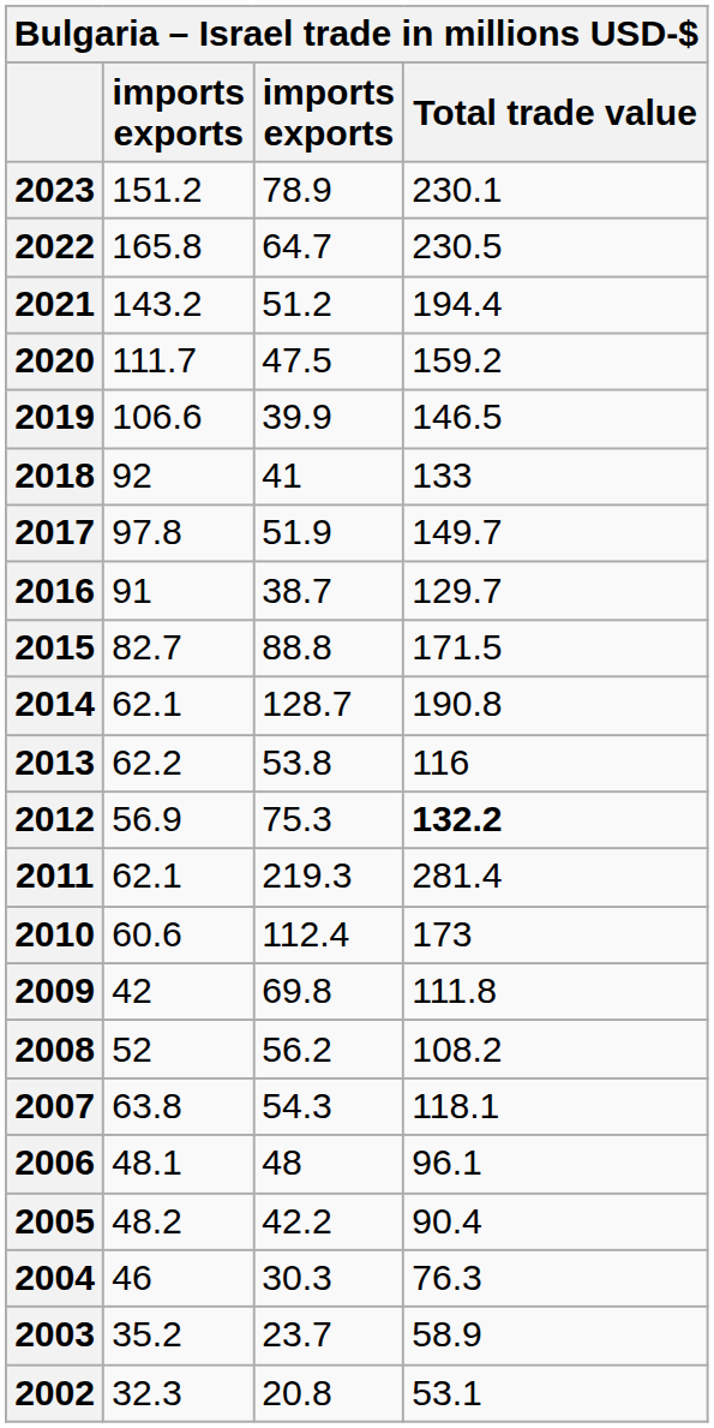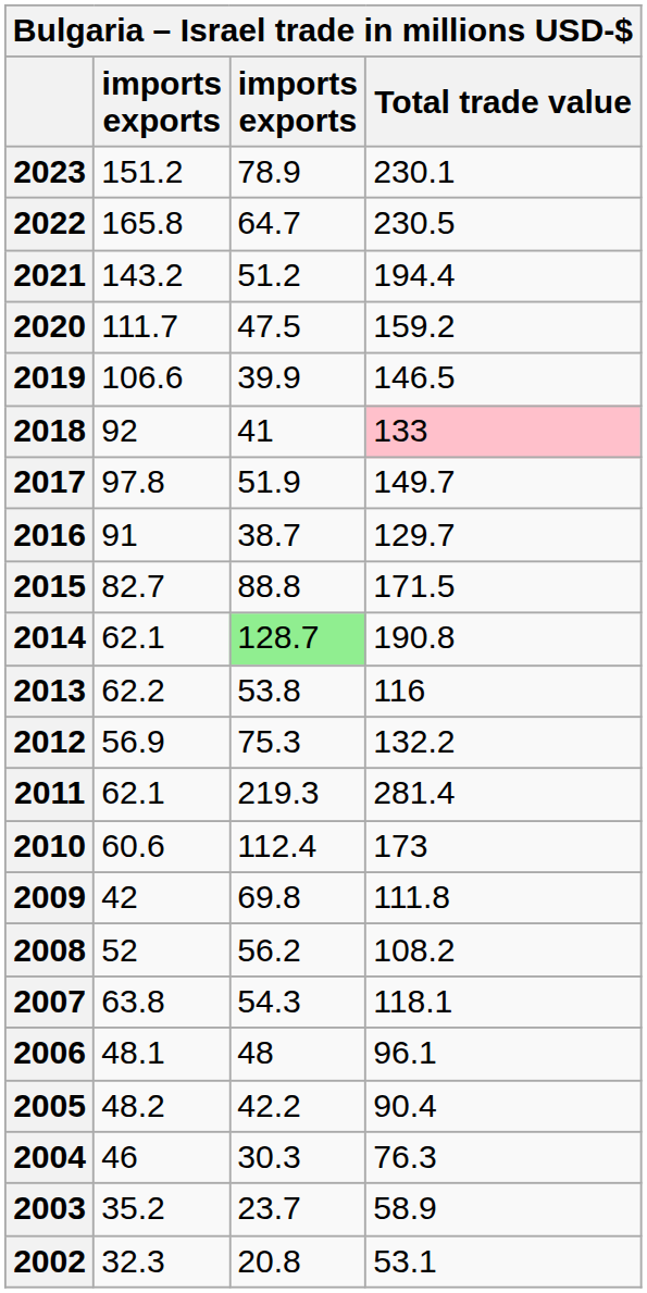 <table class="wikitable">
 <tr>
 <th colspan="4">Bulgaria – Israel trade in millions USD-$</th>
 </tr>
 <tr>
 <th></th>
 <th> imports<br> exports</th>
 <th> imports<br> exports</th>
 <th>Total trade value</th>
 </tr>
 <tr>
 <th>2023</th>
 <td>151.2</td>
 <td>78.9</td>
 <td>230.1</td>
 </tr>
 <tr>
 <th>2022</th>
 <td>165.8</td>
 <td>64.7</td>
 <td>230.5</td>
 </tr>
 <tr>
 <th>2021</th>
 <td>143.2</td>
 <td>51.2</td>
 <td>194.4</td>
 </tr>
 <tr>
 <th>2020</th>
 <td>111.7</td>
 <td>47.5</td>
 <td>159.2</td>
 </tr>
 <tr>
 <th>2019</th>
 <td>106.6</td>
 <td>39.9</td>
 <td>146.5</td>
 </tr>
 <tr>
 <th>2018</th>
 <td>92</td>
 <td>41</td>
-<td>133</td>
+<td style="background: pink;">133</td>
 </tr>
 <tr>
 <th>2017</th>
 <td>97.8</td>
 <td>51.9</td>
 <td>149.7</td>
 </tr>
 <tr>
 <th>2016</th>
 <td>91</td>
 <td>38.7</td>
 <td>129.7</td>
 </tr>
 <tr>
 <th>2015</th>
 <td>82.7</td>
 <td>88.8</td>
 <td>171.5</td>
 </tr>
 <tr>
 <th>2014</th>
 <td>62.1</td>
-<td>128.7</td>
+<td style="background: lightgreen;">128.7</td>
 <td>190.8</td>
 </tr>
 <tr>
 <th>2013</th>
 <td>62.2</td>
 <td>53.8</td>
 <td>116</td>
 </tr>
 <tr>
 <th>2012</th>
 <td>56.9</td>
 <td>75.3</td>
-<td><strong>132.2</strong></td>
+<td>132.2</td>
 </tr>
 <tr>
 <th>2011</th>
 <td>62.1</td>
 <td>219.3</td>
 <td>281.4</td>
 </tr>
 <tr>
 <th>2010</th>
 <td>60.6</td>
 <td>112.4</td>
 <td>173</td>
 </tr>
 <tr>
 <th>2009</th>
 <td>42</td>
 <td>69.8</td>
 <td>111.8</td>
 </tr>
 <tr>
 <th>2008</th>
 <td>52</td>
 <td>56.2</td>
 <td>108.2</td>
 </tr>
 <tr>
 <th>2007</th>
 <td>63.8</td>
 <td>54.3</td>
 <td>118.1</td>
 </tr>
 <tr>
 <th>2006</th>
 <td>48.1</td>
 <td>48</td>
 <td>96.1</td>
 </tr>
 <tr>
 <th>2005</th>
 <td>48.2</td>
 <td>42.2</td>
 <td>90.4</td>
 </tr>
 <tr>
 <th>2004</th>
 <td>46</td>
 <td>30.3</td>
 <td>76.3</td>
 </tr>
 <tr>
 <th>2003</th>
 <td>35.2</td>
 <td>23.7</td>
 <td>58.9</td>
 </tr>
 <tr>
 <th>2002</th>
 <td>32.3</td>
 <td>20.8</td>
 <td>53.1</td>
 </tr>
 </table>
